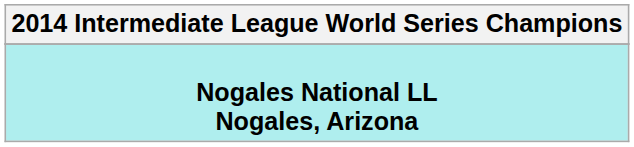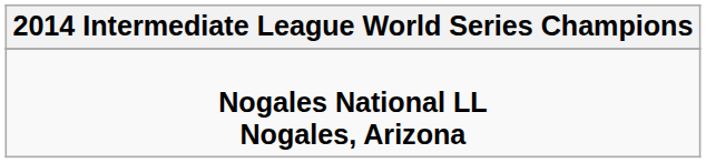 <table class="wikitable" style="text-align: center; margin: 0 auto;">
 <tr>
 <th>2014 Intermediate League World Series Champions</th>
 </tr>
 <tr>
 </tr>
 <tr>
-<td style="background: paleturquoise;"><br><strong>Nogales National LL</strong><br><strong>Nogales, Arizona</strong></td>
+<td><br><strong>Nogales National LL</strong><br><strong>Nogales, Arizona</strong></td>
 </tr>
 </table>
